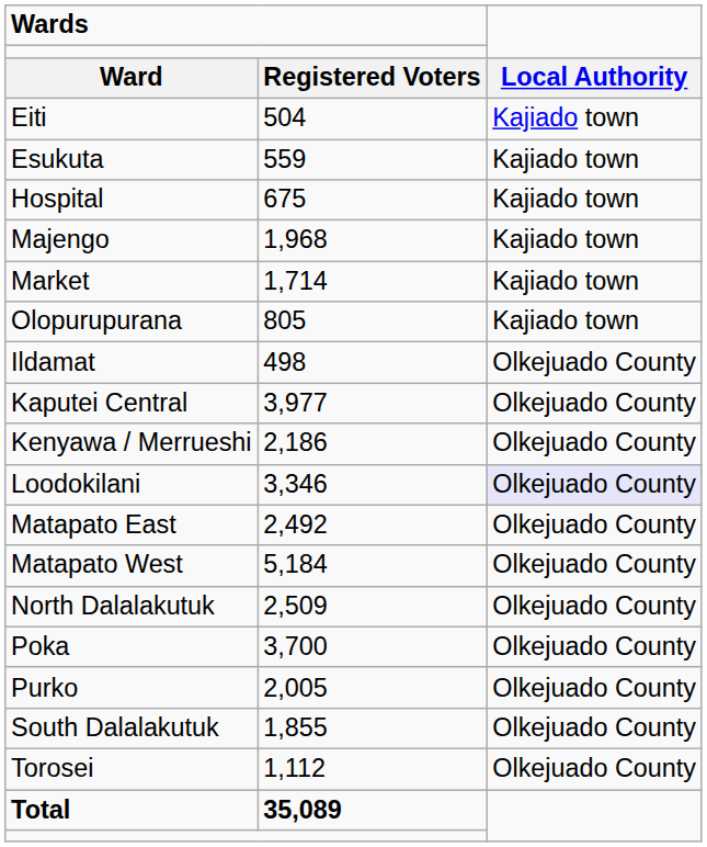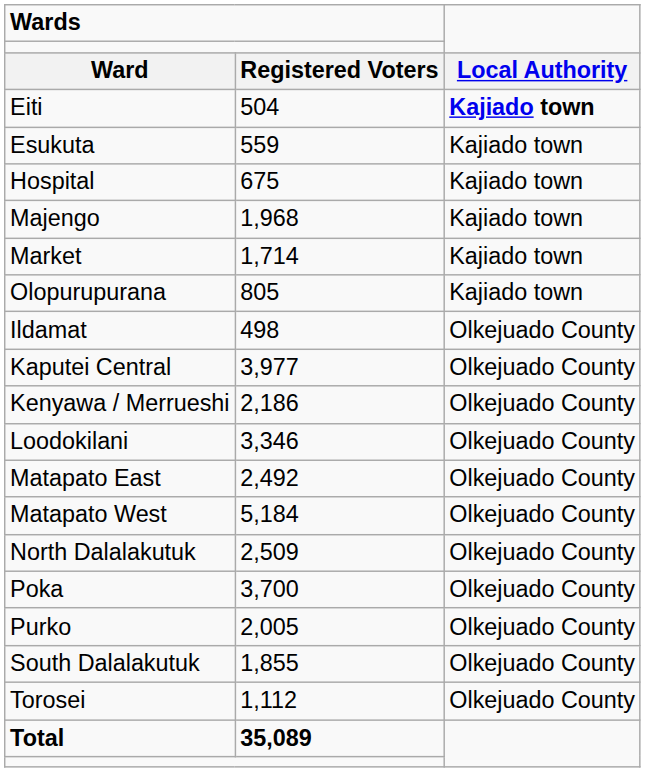 <table class="wikitable">
 <tr>
 <td colspan="2"><strong>Wards</strong></td>
 </tr>
 <tr>
 <td colspan="2"></td>
 </tr>
 <tr>
 <th>Ward</th>
 <th>Registered Voters</th>
 <th><a href='#'>Local Authority</a></th>
 </tr>
 <tr>
 <td>Eiti</td>
 <td>504</td>
-<td><a href='#'>Kajiado</a> town</td>
+<td><strong><a href='#'>Kajiado</a> town</strong></td>
 </tr>
 <tr>
 <td>Esukuta</td>
 <td>559</td>
 <td>Kajiado town</td>
 </tr>
 <tr>
 <td>Hospital</td>
 <td>675</td>
 <td>Kajiado town</td>
 </tr>
 <tr>
 <td>Majengo</td>
 <td>1,968</td>
 <td>Kajiado town</td>
 </tr>
 <tr>
 <td>Market</td>
 <td>1,714</td>
 <td>Kajiado town</td>
 </tr>
 <tr>
 <td>Olopurupurana</td>
 <td>805</td>
 <td>Kajiado town</td>
 </tr>
 <tr>
 <td>Ildamat</td>
 <td>498</td>
 <td>Olkejuado County</td>
 </tr>
 <tr>
 <td>Kaputei Central</td>
 <td>3,977</td>
 <td>Olkejuado County</td>
 </tr>
 <tr>
 <td>Kenyawa / Merrueshi</td>
 <td>2,186</td>
 <td>Olkejuado County</td>
 </tr>
 <tr>
 <td>Loodokilani</td>
 <td>3,346</td>
-<td style="background: lavender;">Olkejuado County</td>
+<td>Olkejuado County</td>
 </tr>
 <tr>
 <td>Matapato East</td>
 <td>2,492</td>
 <td>Olkejuado County</td>
 </tr>
 <tr>
 <td>Matapato West</td>
 <td>5,184</td>
 <td>Olkejuado County</td>
 </tr>
 <tr>
 <td>North Dalalakutuk</td>
 <td>2,509</td>
 <td>Olkejuado County</td>
 </tr>
 <tr>
 <td>Poka</td>
 <td>3,700</td>
 <td>Olkejuado County</td>
 </tr>
 <tr>
 <td>Purko</td>
 <td>2,005</td>
 <td>Olkejuado County</td>
 </tr>
 <tr>
 <td>South Dalalakutuk</td>
 <td>1,855</td>
 <td>Olkejuado County</td>
 </tr>
 <tr>
 <td>Torosei</td>
 <td>1,112</td>
 <td>Olkejuado County</td>
 </tr>
 <tr>
 <td><strong>Total</strong></td>
 <td><strong>35,089</strong></td>
 </tr>
 <tr>
 <td colspan="2"></td>
 </tr>
 </table>
